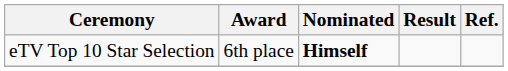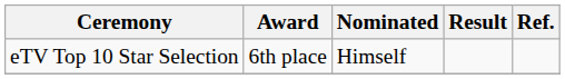 <table class="wikitable sortable">
 <tr>
 <th>Ceremony</th>
 <th>Award</th>
 <th>Nominated</th>
 <th>Result</th>
 <th>Ref.</th>
 </tr>
 <tr>
 <td>eTV Top 10 Star Selection</td>
 <td>6th place</td>
-<td><strong>Himself</strong></td>
+<td>Himself</td>
 <td></td>
 <td></td>
 </tr>
 <tr>
 </tr>
 </table>
